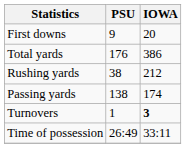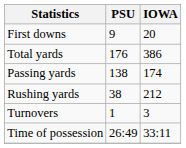 <table class="wikitable">
 <tr>
 <th>Statistics</th>
 <th>PSU</th>
 <th>IOWA</th>
 </tr>
 <tr>
 <td>First downs</td>
 <td>9</td>
 <td>20</td>
 </tr>
 <tr>
 <td>Total yards</td>
 <td>176</td>
 <td>386</td>
 </tr>
 <tr>
+<td>Passing yards</td>
+<td>138</td>
+<td>174</td>
+</tr>
+<tr>
 <td>Rushing yards</td>
 <td>38</td>
 <td>212</td>
 </tr>
 <tr>
-<td>Passing yards</td>
-<td>138</td>
-<td>174</td>
-</tr>
-<tr>
 <td>Turnovers</td>
 <td>1</td>
-<td><strong>3</strong></td>
+<td>3</td>
 </tr>
 <tr>
 <td>Time of possession</td>
 <td>26:49</td>
 <td>33:11</td>
 </tr>
 <tr>
 </tr>
 </table>
